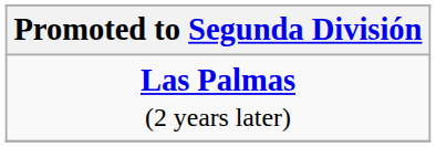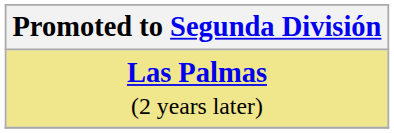 <table class="wikitable" style="text-align: center; margin: 0 auto;">
 <tr>
 <th colspan="2">Promoted to <a href='#'>Segunda División</a></th>
 </tr>
 <tr>
-<td><strong><a href='#'>Las Palmas</a></strong><br><small>(2 years later)</small></td>
+<td style="background: khaki;"><strong><a href='#'>Las Palmas</a></strong><br><small>(2 years later)</small></td>
 </tr>
 <tr>
 </tr>
 </table>
